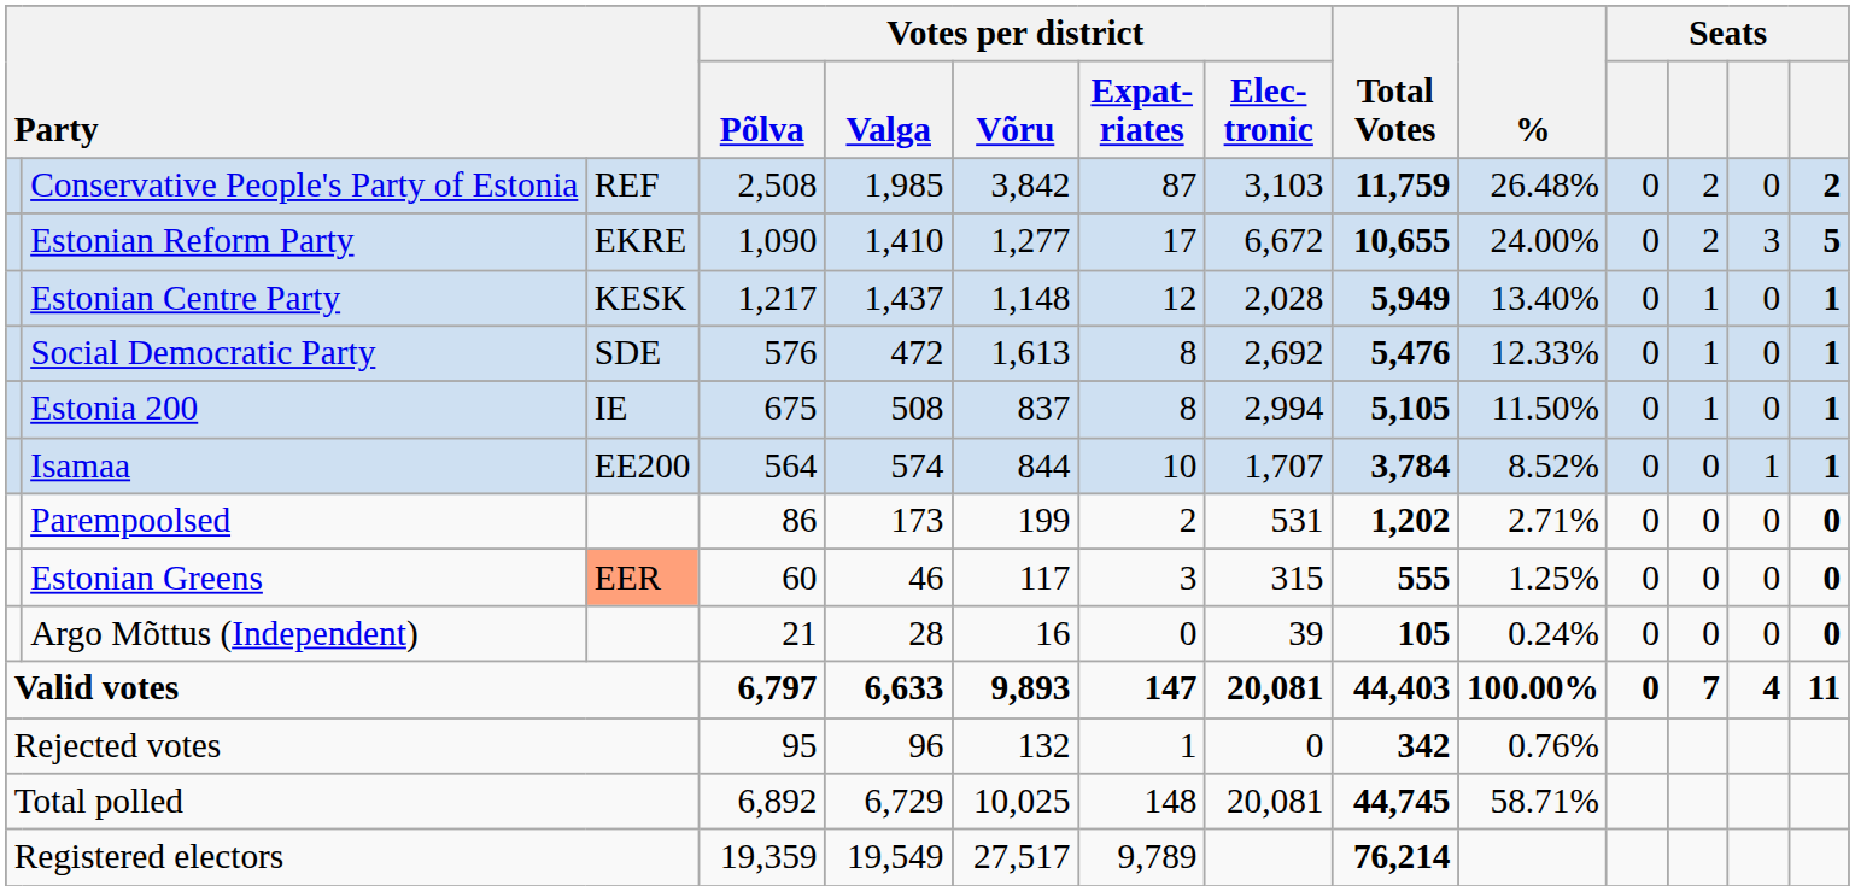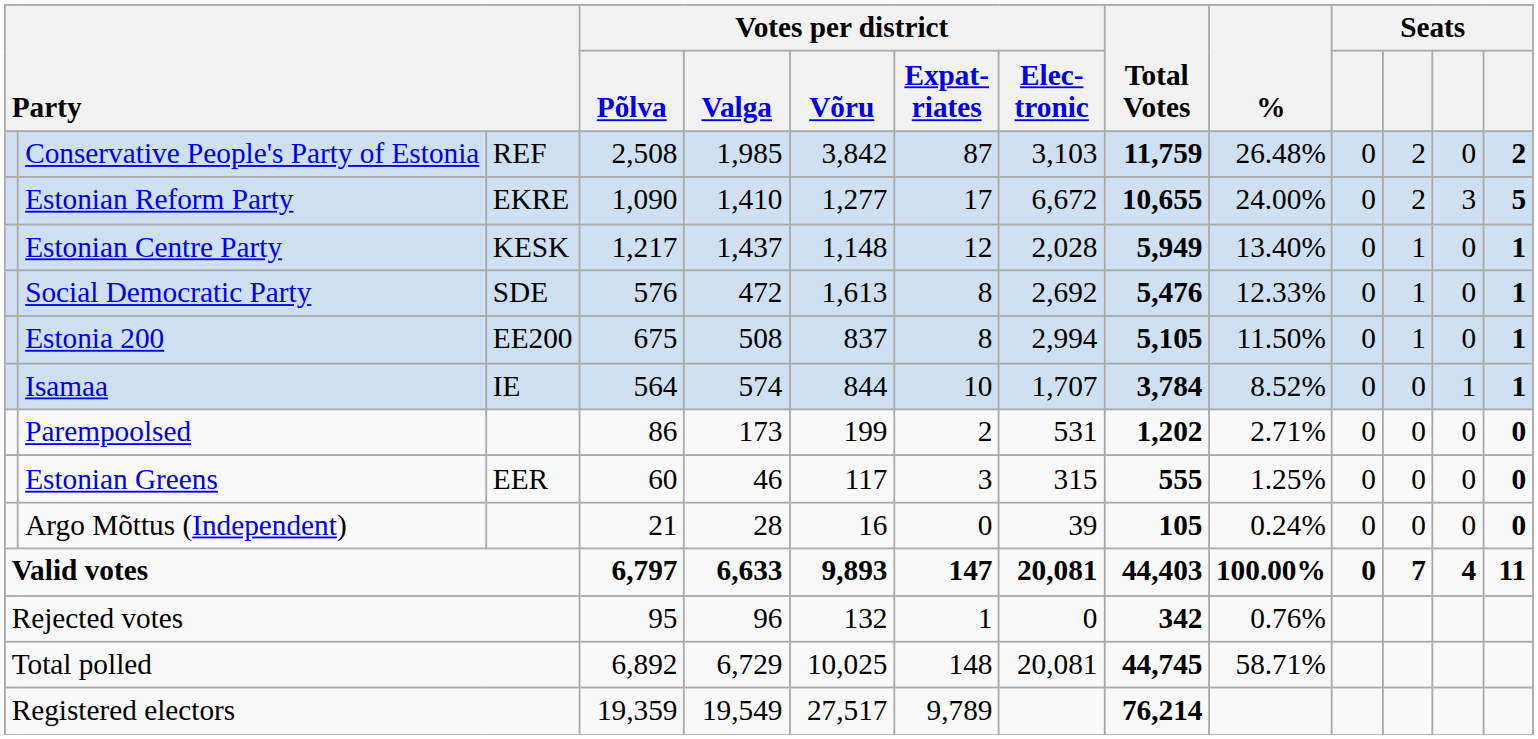 <table class="wikitable" border="1" style="text-align:right;">
 <tr>
 <th style="text-align:left;" valign=bottom rowspan=2 colspan=3>Party</th>
 <th colspan=5>Votes per district</th>
 <th align=center valign=bottom rowspan=2 width="50">Total Votes</th>
 <th align=center valign=bottom rowspan=2 width="50">%</th>
 <th colspan=4>Seats</th>
 </tr>
 <tr>
 <th align=center valign=bottom width="50"><a href='#'>Põlva</a></th>
 <th align=center valign=bottom width="50"><a href='#'>Valga</a></th>
 <th align=center valign=bottom width="50"><a href='#'>Võru</a></th>
 <th align=center valign=bottom width="50"><a href='#'>Expat- riates</a></th>
 <th align=center valign=bottom width="50"><a href='#'>Elec- tronic</a></th>
 <th align=center valign=bottom width="20"><small></small></th>
 <th align=center valign=bottom width="20"><small></small></th>
 <th align=center valign=bottom width="20"><small></small></th>
 <th align=center valign=bottom width="20"><small></small></th>
 </tr>
 <tr style="background:#CEE0F2;">
 <td style="background:"></td>
 <td align=left><a href='#'>Conservative People's Party of Estonia</a></td>
 <td align=left>REF</td>
 <td>2,508</td>
 <td>1,985</td>
 <td>3,842</td>
 <td>87</td>
 <td>3,103</td>
 <td><strong>11,759</strong></td>
 <td>26.48%</td>
 <td>0</td>
 <td>2</td>
 <td>0</td>
 <td><strong>2</strong></td>
 </tr>
 <tr style="background:#CEE0F2;">
 <td style="background:"></td>
 <td align=left><a href='#'>Estonian Reform Party</a></td>
 <td align=left>EKRE</td>
 <td>1,090</td>
 <td>1,410</td>
 <td>1,277</td>
 <td>17</td>
 <td>6,672</td>
 <td><strong>10,655</strong></td>
 <td>24.00%</td>
 <td>0</td>
 <td>2</td>
 <td>3</td>
 <td><strong>5</strong></td>
 </tr>
 <tr style="background:#CEE0F2;">
 <td style="background:"></td>
 <td align=left><a href='#'>Estonian Centre Party</a></td>
 <td align=left>KESK</td>
 <td>1,217</td>
 <td>1,437</td>
 <td>1,148</td>
 <td>12</td>
 <td>2,028</td>
 <td><strong>5,949</strong></td>
 <td>13.40%</td>
 <td>0</td>
 <td>1</td>
 <td>0</td>
 <td><strong>1</strong></td>
 </tr>
 <tr style="background:#CEE0F2;">
 <td style="background:"></td>
 <td align=left><a href='#'>Social Democratic Party</a></td>
 <td align=left>SDE</td>
 <td>576</td>
 <td>472</td>
 <td>1,613</td>
 <td>8</td>
 <td>2,692</td>
 <td><strong>5,476</strong></td>
 <td>12.33%</td>
 <td>0</td>
 <td>1</td>
 <td>0</td>
 <td><strong>1</strong></td>
 </tr>
 <tr style="background:#CEE0F2;">
 <td style="background:"></td>
 <td align=left><a href='#'>Estonia 200</a></td>
-<td align=left>IE</td>
+<td>EE200</td>
 <td>675</td>
 <td>508</td>
 <td>837</td>
 <td>8</td>
 <td>2,994</td>
 <td><strong>5,105</strong></td>
 <td>11.50%</td>
 <td>0</td>
 <td>1</td>
 <td>0</td>
 <td><strong>1</strong></td>
 </tr>
 <tr style="background:#CEE0F2;">
 <td style="background:"></td>
 <td align=left><a href='#'>Isamaa</a></td>
-<td>EE200</td>
+<td align=left>IE</td>
 <td>564</td>
 <td>574</td>
 <td>844</td>
 <td>10</td>
 <td>1,707</td>
 <td><strong>3,784</strong></td>
 <td>8.52%</td>
 <td>0</td>
 <td>0</td>
 <td>1</td>
 <td><strong>1</strong></td>
 </tr>
 <tr>
 <td style="background:"></td>
 <td align=left><a href='#'>Parempoolsed</a></td>
 <td align=left></td>
 <td>86</td>
 <td>173</td>
 <td>199</td>
 <td>2</td>
 <td>531</td>
 <td><strong>1,202</strong></td>
 <td>2.71%</td>
 <td>0</td>
 <td>0</td>
 <td>0</td>
 <td><strong>0</strong></td>
 </tr>
 <tr>
 <td style="background:"></td>
 <td align=left><a href='#'>Estonian Greens</a></td>
-<td align=left style="background: lightsalmon;">EER</td>
+<td align=left>EER</td>
 <td>60</td>
 <td>46</td>
 <td>117</td>
 <td>3</td>
 <td>315</td>
 <td><strong>555</strong></td>
 <td>1.25%</td>
 <td>0</td>
 <td>0</td>
 <td>0</td>
 <td><strong>0</strong></td>
 </tr>
 <tr>
 <td style="background:"></td>
 <td align=left>Argo Mõttus (<a href='#'>Independent</a>)</td>
 <td></td>
 <td>21</td>
 <td>28</td>
 <td>16</td>
 <td>0</td>
 <td>39</td>
 <td><strong>105</strong></td>
 <td>0.24%</td>
 <td>0</td>
 <td>0</td>
 <td>0</td>
 <td><strong>0</strong></td>
 </tr>
 <tr style="font-weight:bold">
 <td align=left colspan=3>Valid votes</td>
 <td>6,797</td>
 <td>6,633</td>
 <td>9,893</td>
 <td>147</td>
 <td>20,081</td>
 <td>44,403</td>
 <td>100.00%</td>
 <td>0</td>
 <td>7</td>
 <td>4</td>
 <td>11</td>
 </tr>
 <tr>
 <td align=left colspan=3>Rejected votes</td>
 <td>95</td>
 <td>96</td>
 <td>132</td>
 <td>1</td>
 <td>0</td>
 <td><strong>342</strong></td>
 <td>0.76%</td>
 <td></td>
 <td></td>
 <td></td>
 <td></td>
 </tr>
 <tr>
 <td align=left colspan=3>Total polled</td>
 <td>6,892</td>
 <td>6,729</td>
 <td>10,025</td>
 <td>148</td>
 <td>20,081</td>
 <td><strong>44,745</strong></td>
 <td>58.71%</td>
 <td></td>
 <td></td>
 <td></td>
 <td></td>
 </tr>
 <tr>
 <td align=left colspan=3>Registered electors</td>
 <td>19,359</td>
 <td>19,549</td>
 <td>27,517</td>
 <td>9,789</td>
 <td></td>
 <td><strong>76,214</strong></td>
 <td></td>
 <td></td>
 <td></td>
 <td></td>
 <td></td>
 </tr>
 </table>
